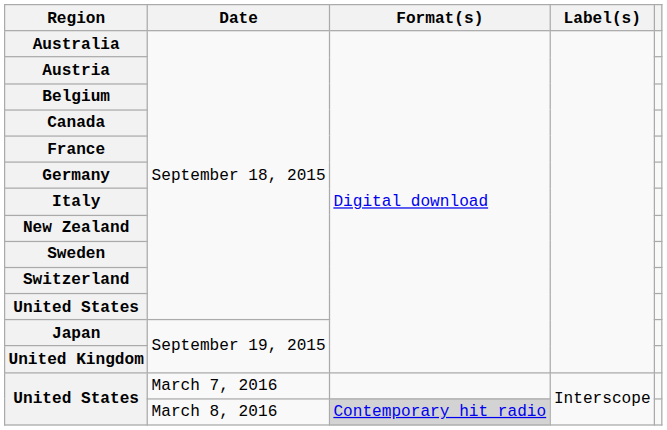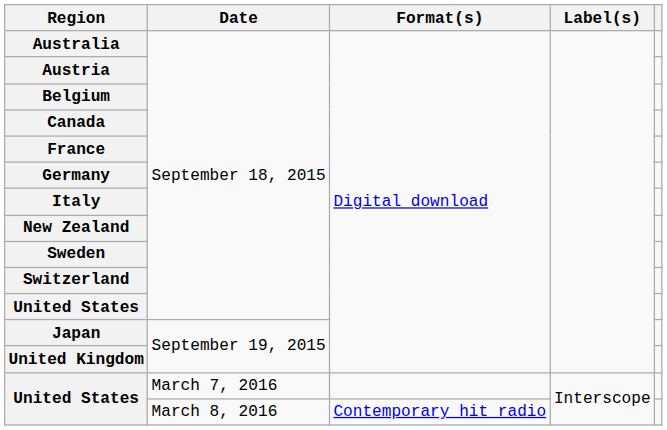 <table class="wikitable plainrowheaders">
 <tr>
 <th scope="col">Region</th>
 <th scope="col">Date</th>
 <th scope="col">Format(s)</th>
 <th scope="col">Label(s)</th>
 <th scope="col"></th>
 </tr>
 <tr>
 <th scope="row">Australia</th>
 <td rowspan="11">September 18, 2015</td>
 <td rowspan="13"><a href='#'>Digital download</a></td>
 <td rowspan="13"></td>
 <td></td>
 </tr>
 <tr>
 <th scope="row">Austria</th>
 <td></td>
 </tr>
 <tr>
 <th scope="row">Belgium</th>
 <td></td>
 </tr>
 <tr>
 <th scope="row">Canada</th>
 <td></td>
 </tr>
 <tr>
 <th scope="row">France</th>
 <td></td>
 </tr>
 <tr>
 <th scope="row">Germany</th>
 <td></td>
 </tr>
 <tr>
 <th scope="row">Italy</th>
 <td></td>
 </tr>
 <tr>
 <th scope="row">New Zealand</th>
 <td></td>
 </tr>
 <tr>
 <th scope="row">Sweden</th>
 <td></td>
 </tr>
 <tr>
 <th scope="row">Switzerland</th>
 <td></td>
 </tr>
 <tr>
 <th scope="row">United States</th>
 <td></td>
 </tr>
 <tr>
 <th scope="row">Japan</th>
 <td rowspan="2">September 19, 2015</td>
 <td></td>
 </tr>
 <tr>
 <th scope="row">United Kingdom</th>
 <td></td>
 </tr>
 <tr>
 <th rowspan="2" scope="row">United States</th>
 <td>March 7, 2016</td>
 <td></td>
 <td rowspan="2">Interscope</td>
 <td></td>
 </tr>
 <tr>
 <td>March 8, 2016</td>
-<td style="background: lightgrey;"><a href='#'>Contemporary hit radio</a></td>
+<td><a href='#'>Contemporary hit radio</a></td>
 <td></td>
 </tr>
 </table>
